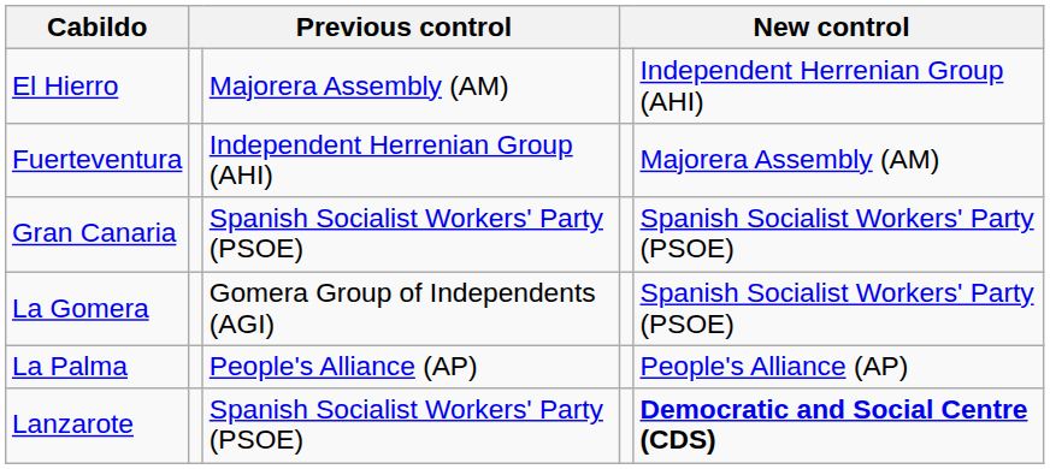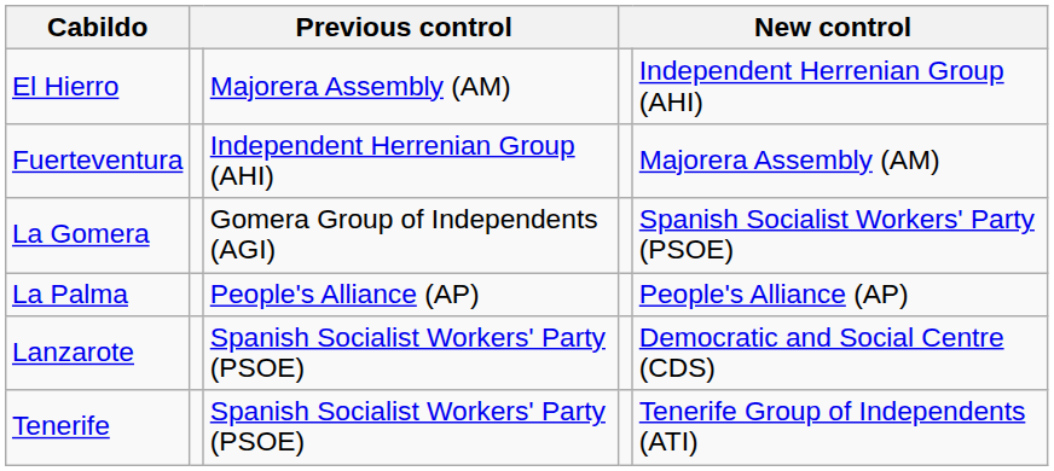 <table class="wikitable sortable">
 <tr>
 <th>Cabildo</th>
 <th colspan="2" style="width:375px;">Previous control</th>
 <th colspan="2" style="width:375px;">New control</th>
 </tr>
 <tr>
 <td><a href='#'>El Hierro</a></td>
 <td width="1" style="color:inherit;background:"></td>
 <td><a href='#'>Majorera Assembly</a> (AM)</td>
 <td width="1" style="color:inherit;background:"></td>
 <td><a href='#'>Independent Herrenian Group</a> (AHI)</td>
 </tr>
 <tr>
 <td><a href='#'>Fuerteventura</a></td>
 <td style="color:inherit;background:"></td>
 <td><a href='#'>Independent Herrenian Group</a> (AHI)</td>
 <td style="color:inherit;background:"></td>
 <td><a href='#'>Majorera Assembly</a> (AM)</td>
 </tr>
 <tr>
-<td><a href='#'>Gran Canaria</a></td>
-<td style="color:inherit;background:"></td>
-<td><a href='#'>Spanish Socialist Workers' Party</a> (PSOE)</td>
-<td style="color:inherit;background:"></td>
-<td><a href='#'>Spanish Socialist Workers' Party</a> (PSOE)</td>
-</tr>
-<tr>
 <td><a href='#'>La Gomera</a></td>
 <td style="color:inherit;background:"></td>
 <td>Gomera Group of Independents (AGI)</td>
 <td style="color:inherit;background:"></td>
 <td><a href='#'>Spanish Socialist Workers' Party</a> (PSOE)</td>
 </tr>
 <tr>
 <td><a href='#'>La Palma</a></td>
 <td style="color:inherit;background:"></td>
 <td><a href='#'>People's Alliance</a> (AP)</td>
 <td style="color:inherit;background:"></td>
 <td><a href='#'>People's Alliance</a> (AP)</td>
 </tr>
 <tr>
 <td><a href='#'>Lanzarote</a></td>
 <td style="color:inherit;background:"></td>
 <td><a href='#'>Spanish Socialist Workers' Party</a> (PSOE)</td>
 <td style="color:inherit;background:"></td>
-<td><strong><a href='#'>Democratic and Social Centre</a> (CDS)</strong></td>
+<td><a href='#'>Democratic and Social Centre</a> (CDS)</td>
+</tr>
+<tr>
+<td><a href='#'>Tenerife</a></td>
+<td style="color:inherit;background:"></td>
+<td><a href='#'>Spanish Socialist Workers' Party</a> (PSOE)</td>
+<td style="color:inherit;background:"></td>
+<td><a href='#'>Tenerife Group of Independents</a> (ATI)</td>
 </tr>
 </table>
